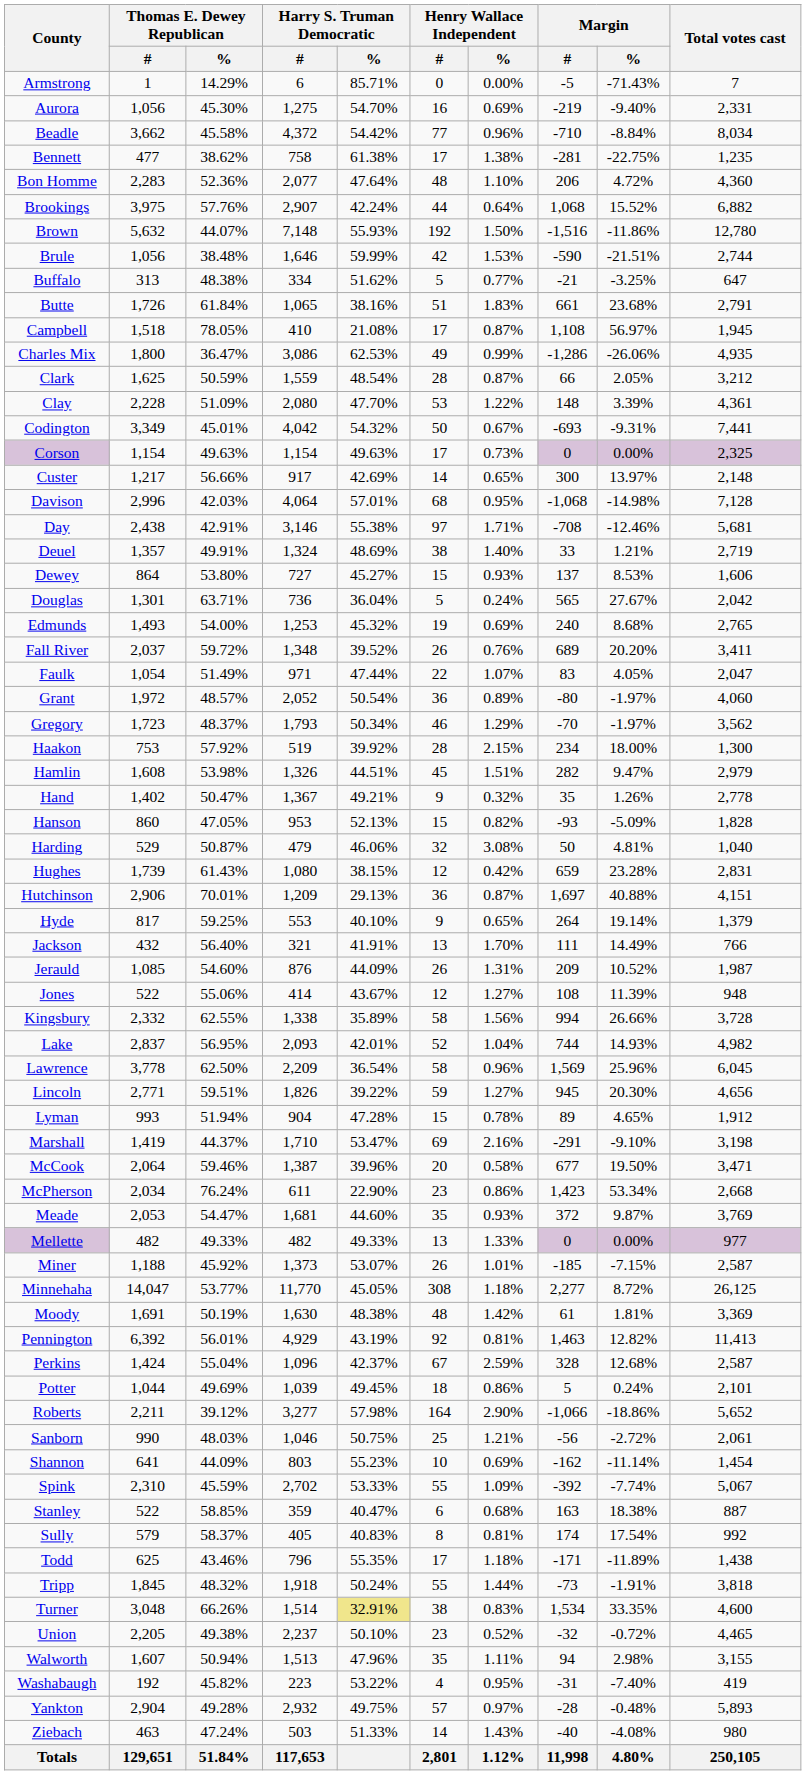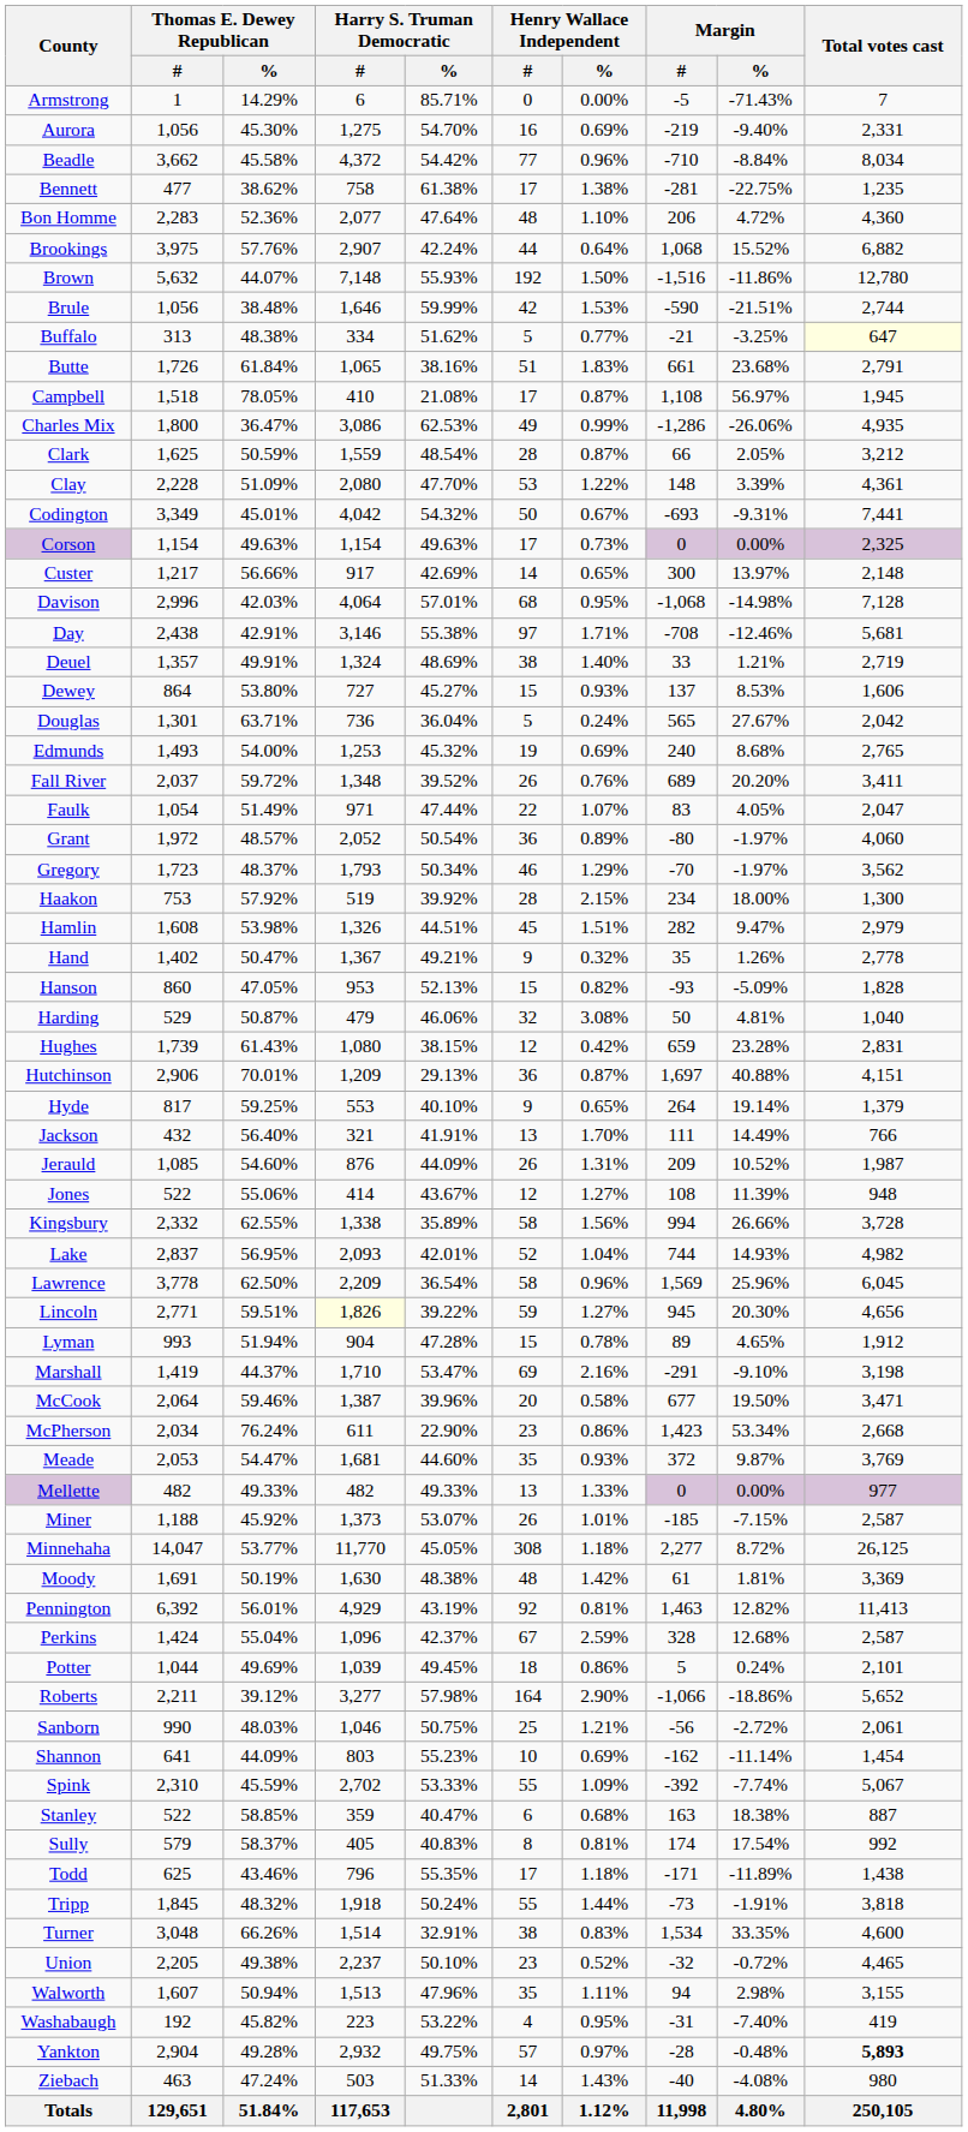 <table class="wikitable sortable" width="65%">
 <tr>
 <th rowspan="2">County</th>
 <th colspan="2">Thomas E. Dewey<br>Republican</th>
 <th colspan="2">Harry S. Truman<br>Democratic</th>
 <th colspan="2">Henry Wallace<br>Independent</th>
 <th colspan="2">Margin</th>
 <th rowspan="2">Total votes cast</th>
 </tr>
 <tr style="text-align:center;">
 <th data-sort-type="number">#</th>
 <th data-sort-type="number">%</th>
 <th data-sort-type="number">#</th>
 <th data-sort-type="number">%</th>
 <th data-sort-type="number">#</th>
 <th data-sort-type="number">%</th>
 <th data-sort-type="number">#</th>
 <th data-sort-type="number">%</th>
 </tr>
 <tr style="text-align:center;">
 <td><a href='#'>Armstrong</a></td>
 <td>1</td>
 <td>14.29%</td>
 <td>6</td>
 <td>85.71%</td>
 <td>0</td>
 <td>0.00%</td>
 <td>-5</td>
 <td>-71.43%</td>
 <td>7</td>
 </tr>
 <tr style="text-align:center;">
 <td><a href='#'>Aurora</a></td>
 <td>1,056</td>
 <td>45.30%</td>
 <td>1,275</td>
 <td>54.70%</td>
 <td>16</td>
 <td>0.69%</td>
 <td>-219</td>
 <td>-9.40%</td>
 <td>2,331</td>
 </tr>
 <tr style="text-align:center;">
 <td><a href='#'>Beadle</a></td>
 <td>3,662</td>
 <td>45.58%</td>
 <td>4,372</td>
 <td>54.42%</td>
 <td>77</td>
 <td>0.96%</td>
 <td>-710</td>
 <td>-8.84%</td>
 <td>8,034</td>
 </tr>
 <tr style="text-align:center;">
 <td><a href='#'>Bennett</a></td>
 <td>477</td>
 <td>38.62%</td>
 <td>758</td>
 <td>61.38%</td>
 <td>17</td>
 <td>1.38%</td>
 <td>-281</td>
 <td>-22.75%</td>
 <td>1,235</td>
 </tr>
 <tr style="text-align:center;">
 <td><a href='#'>Bon Homme</a></td>
 <td>2,283</td>
 <td>52.36%</td>
 <td>2,077</td>
 <td>47.64%</td>
 <td>48</td>
 <td>1.10%</td>
 <td>206</td>
 <td>4.72%</td>
 <td>4,360</td>
 </tr>
 <tr style="text-align:center;">
 <td><a href='#'>Brookings</a></td>
 <td>3,975</td>
 <td>57.76%</td>
 <td>2,907</td>
 <td>42.24%</td>
 <td>44</td>
 <td>0.64%</td>
 <td>1,068</td>
 <td>15.52%</td>
 <td>6,882</td>
 </tr>
 <tr style="text-align:center;">
 <td><a href='#'>Brown</a></td>
 <td>5,632</td>
 <td>44.07%</td>
 <td>7,148</td>
 <td>55.93%</td>
 <td>192</td>
 <td>1.50%</td>
 <td>-1,516</td>
 <td>-11.86%</td>
 <td>12,780</td>
 </tr>
 <tr style="text-align:center;">
 <td><a href='#'>Brule</a></td>
 <td>1,056</td>
 <td>38.48%</td>
 <td>1,646</td>
 <td>59.99%</td>
 <td>42</td>
 <td>1.53%</td>
 <td>-590</td>
 <td>-21.51%</td>
 <td>2,744</td>
 </tr>
 <tr style="text-align:center;">
 <td><a href='#'>Buffalo</a></td>
 <td>313</td>
 <td>48.38%</td>
 <td>334</td>
 <td>51.62%</td>
 <td>5</td>
 <td>0.77%</td>
 <td>-21</td>
 <td>-3.25%</td>
-<td>647</td>
+<td style="background: lightyellow;">647</td>
 </tr>
 <tr style="text-align:center;">
 <td><a href='#'>Butte</a></td>
 <td>1,726</td>
 <td>61.84%</td>
 <td>1,065</td>
 <td>38.16%</td>
 <td>51</td>
 <td>1.83%</td>
 <td>661</td>
 <td>23.68%</td>
 <td>2,791</td>
 </tr>
 <tr style="text-align:center;">
 <td><a href='#'>Campbell</a></td>
 <td>1,518</td>
 <td>78.05%</td>
 <td>410</td>
 <td>21.08%</td>
 <td>17</td>
 <td>0.87%</td>
 <td>1,108</td>
 <td>56.97%</td>
 <td>1,945</td>
 </tr>
 <tr style="text-align:center;">
 <td><a href='#'>Charles Mix</a></td>
 <td>1,800</td>
 <td>36.47%</td>
 <td>3,086</td>
 <td>62.53%</td>
 <td>49</td>
 <td>0.99%</td>
 <td>-1,286</td>
 <td>-26.06%</td>
 <td>4,935</td>
 </tr>
 <tr style="text-align:center;">
 <td><a href='#'>Clark</a></td>
 <td>1,625</td>
 <td>50.59%</td>
 <td>1,559</td>
 <td>48.54%</td>
 <td>28</td>
 <td>0.87%</td>
 <td>66</td>
 <td>2.05%</td>
 <td>3,212</td>
 </tr>
 <tr style="text-align:center;">
 <td><a href='#'>Clay</a></td>
 <td>2,228</td>
 <td>51.09%</td>
 <td>2,080</td>
 <td>47.70%</td>
 <td>53</td>
 <td>1.22%</td>
 <td>148</td>
 <td>3.39%</td>
 <td>4,361</td>
 </tr>
 <tr style="text-align:center;">
 <td><a href='#'>Codington</a></td>
 <td>3,349</td>
 <td>45.01%</td>
 <td>4,042</td>
 <td>54.32%</td>
 <td>50</td>
 <td>0.67%</td>
 <td>-693</td>
 <td>-9.31%</td>
 <td>7,441</td>
 </tr>
 <tr style="text-align:center;">
 <td style="background:#d8c2da;"><a href='#'>Corson</a></td>
 <td>1,154</td>
 <td>49.63%</td>
 <td>1,154</td>
 <td>49.63%</td>
 <td>17</td>
 <td>0.73%</td>
 <td style="background:#d8c2da;">0</td>
 <td style="background:#d8c2da;">0.00%</td>
 <td style="background:#d8c2da;">2,325</td>
 </tr>
 <tr style="text-align:center;">
 <td><a href='#'>Custer</a></td>
 <td>1,217</td>
 <td>56.66%</td>
 <td>917</td>
 <td>42.69%</td>
 <td>14</td>
 <td>0.65%</td>
 <td>300</td>
 <td>13.97%</td>
 <td>2,148</td>
 </tr>
 <tr style="text-align:center;">
 <td><a href='#'>Davison</a></td>
 <td>2,996</td>
 <td>42.03%</td>
 <td>4,064</td>
 <td>57.01%</td>
 <td>68</td>
 <td>0.95%</td>
 <td>-1,068</td>
 <td>-14.98%</td>
 <td>7,128</td>
 </tr>
 <tr style="text-align:center;">
 <td><a href='#'>Day</a></td>
 <td>2,438</td>
 <td>42.91%</td>
 <td>3,146</td>
 <td>55.38%</td>
 <td>97</td>
 <td>1.71%</td>
 <td>-708</td>
 <td>-12.46%</td>
 <td>5,681</td>
 </tr>
 <tr style="text-align:center;">
 <td><a href='#'>Deuel</a></td>
 <td>1,357</td>
 <td>49.91%</td>
 <td>1,324</td>
 <td>48.69%</td>
 <td>38</td>
 <td>1.40%</td>
 <td>33</td>
 <td>1.21%</td>
 <td>2,719</td>
 </tr>
 <tr style="text-align:center;">
 <td><a href='#'>Dewey</a></td>
 <td>864</td>
 <td>53.80%</td>
 <td>727</td>
 <td>45.27%</td>
 <td>15</td>
 <td>0.93%</td>
 <td>137</td>
 <td>8.53%</td>
 <td>1,606</td>
 </tr>
 <tr style="text-align:center;">
 <td><a href='#'>Douglas</a></td>
 <td>1,301</td>
 <td>63.71%</td>
 <td>736</td>
 <td>36.04%</td>
 <td>5</td>
 <td>0.24%</td>
 <td>565</td>
 <td>27.67%</td>
 <td>2,042</td>
 </tr>
 <tr style="text-align:center;">
 <td><a href='#'>Edmunds</a></td>
 <td>1,493</td>
 <td>54.00%</td>
 <td>1,253</td>
 <td>45.32%</td>
 <td>19</td>
 <td>0.69%</td>
 <td>240</td>
 <td>8.68%</td>
 <td>2,765</td>
 </tr>
 <tr style="text-align:center;">
 <td><a href='#'>Fall River</a></td>
 <td>2,037</td>
 <td>59.72%</td>
 <td>1,348</td>
 <td>39.52%</td>
 <td>26</td>
 <td>0.76%</td>
 <td>689</td>
 <td>20.20%</td>
 <td>3,411</td>
 </tr>
 <tr style="text-align:center;">
 <td><a href='#'>Faulk</a></td>
 <td>1,054</td>
 <td>51.49%</td>
 <td>971</td>
 <td>47.44%</td>
 <td>22</td>
 <td>1.07%</td>
 <td>83</td>
 <td>4.05%</td>
 <td>2,047</td>
 </tr>
 <tr style="text-align:center;">
 <td><a href='#'>Grant</a></td>
 <td>1,972</td>
 <td>48.57%</td>
 <td>2,052</td>
 <td>50.54%</td>
 <td>36</td>
 <td>0.89%</td>
 <td>-80</td>
 <td>-1.97%</td>
 <td>4,060</td>
 </tr>
 <tr style="text-align:center;">
 <td><a href='#'>Gregory</a></td>
 <td>1,723</td>
 <td>48.37%</td>
 <td>1,793</td>
 <td>50.34%</td>
 <td>46</td>
 <td>1.29%</td>
 <td>-70</td>
 <td>-1.97%</td>
 <td>3,562</td>
 </tr>
 <tr style="text-align:center;">
 <td><a href='#'>Haakon</a></td>
 <td>753</td>
 <td>57.92%</td>
 <td>519</td>
 <td>39.92%</td>
 <td>28</td>
 <td>2.15%</td>
 <td>234</td>
 <td>18.00%</td>
 <td>1,300</td>
 </tr>
 <tr style="text-align:center;">
 <td><a href='#'>Hamlin</a></td>
 <td>1,608</td>
 <td>53.98%</td>
 <td>1,326</td>
 <td>44.51%</td>
 <td>45</td>
 <td>1.51%</td>
 <td>282</td>
 <td>9.47%</td>
 <td>2,979</td>
 </tr>
 <tr style="text-align:center;">
 <td><a href='#'>Hand</a></td>
 <td>1,402</td>
 <td>50.47%</td>
 <td>1,367</td>
 <td>49.21%</td>
 <td>9</td>
 <td>0.32%</td>
 <td>35</td>
 <td>1.26%</td>
 <td>2,778</td>
 </tr>
 <tr style="text-align:center;">
 <td><a href='#'>Hanson</a></td>
 <td>860</td>
 <td>47.05%</td>
 <td>953</td>
 <td>52.13%</td>
 <td>15</td>
 <td>0.82%</td>
 <td>-93</td>
 <td>-5.09%</td>
 <td>1,828</td>
 </tr>
 <tr style="text-align:center;">
 <td><a href='#'>Harding</a></td>
 <td>529</td>
 <td>50.87%</td>
 <td>479</td>
 <td>46.06%</td>
 <td>32</td>
 <td>3.08%</td>
 <td>50</td>
 <td>4.81%</td>
 <td>1,040</td>
 </tr>
 <tr style="text-align:center;">
 <td><a href='#'>Hughes</a></td>
 <td>1,739</td>
 <td>61.43%</td>
 <td>1,080</td>
 <td>38.15%</td>
 <td>12</td>
 <td>0.42%</td>
 <td>659</td>
 <td>23.28%</td>
 <td>2,831</td>
 </tr>
 <tr style="text-align:center;">
 <td><a href='#'>Hutchinson</a></td>
 <td>2,906</td>
 <td>70.01%</td>
 <td>1,209</td>
 <td>29.13%</td>
 <td>36</td>
 <td>0.87%</td>
 <td>1,697</td>
 <td>40.88%</td>
 <td>4,151</td>
 </tr>
 <tr style="text-align:center;">
 <td><a href='#'>Hyde</a></td>
 <td>817</td>
 <td>59.25%</td>
 <td>553</td>
 <td>40.10%</td>
 <td>9</td>
 <td>0.65%</td>
 <td>264</td>
 <td>19.14%</td>
 <td>1,379</td>
 </tr>
 <tr style="text-align:center;">
 <td><a href='#'>Jackson</a></td>
 <td>432</td>
 <td>56.40%</td>
 <td>321</td>
 <td>41.91%</td>
 <td>13</td>
 <td>1.70%</td>
 <td>111</td>
 <td>14.49%</td>
 <td>766</td>
 </tr>
 <tr style="text-align:center;">
 <td><a href='#'>Jerauld</a></td>
 <td>1,085</td>
 <td>54.60%</td>
 <td>876</td>
 <td>44.09%</td>
 <td>26</td>
 <td>1.31%</td>
 <td>209</td>
 <td>10.52%</td>
 <td>1,987</td>
 </tr>
 <tr style="text-align:center;">
 <td><a href='#'>Jones</a></td>
 <td>522</td>
 <td>55.06%</td>
 <td>414</td>
 <td>43.67%</td>
 <td>12</td>
 <td>1.27%</td>
 <td>108</td>
 <td>11.39%</td>
 <td>948</td>
 </tr>
 <tr style="text-align:center;">
 <td><a href='#'>Kingsbury</a></td>
 <td>2,332</td>
 <td>62.55%</td>
 <td>1,338</td>
 <td>35.89%</td>
 <td>58</td>
 <td>1.56%</td>
 <td>994</td>
 <td>26.66%</td>
 <td>3,728</td>
 </tr>
 <tr style="text-align:center;">
 <td><a href='#'>Lake</a></td>
 <td>2,837</td>
 <td>56.95%</td>
 <td>2,093</td>
 <td>42.01%</td>
 <td>52</td>
 <td>1.04%</td>
 <td>744</td>
 <td>14.93%</td>
 <td>4,982</td>
 </tr>
 <tr style="text-align:center;">
 <td><a href='#'>Lawrence</a></td>
 <td>3,778</td>
 <td>62.50%</td>
 <td>2,209</td>
 <td>36.54%</td>
 <td>58</td>
 <td>0.96%</td>
 <td>1,569</td>
 <td>25.96%</td>
 <td>6,045</td>
 </tr>
 <tr style="text-align:center;">
 <td><a href='#'>Lincoln</a></td>
 <td>2,771</td>
 <td>59.51%</td>
-<td>1,826</td>
+<td style="background: lightyellow;">1,826</td>
 <td>39.22%</td>
 <td>59</td>
 <td>1.27%</td>
 <td>945</td>
 <td>20.30%</td>
 <td>4,656</td>
 </tr>
 <tr style="text-align:center;">
 <td><a href='#'>Lyman</a></td>
 <td>993</td>
 <td>51.94%</td>
 <td>904</td>
 <td>47.28%</td>
 <td>15</td>
 <td>0.78%</td>
 <td>89</td>
 <td>4.65%</td>
 <td>1,912</td>
 </tr>
 <tr style="text-align:center;">
 <td><a href='#'>Marshall</a></td>
 <td>1,419</td>
 <td>44.37%</td>
 <td>1,710</td>
 <td>53.47%</td>
 <td>69</td>
 <td>2.16%</td>
 <td>-291</td>
 <td>-9.10%</td>
 <td>3,198</td>
 </tr>
 <tr style="text-align:center;">
 <td><a href='#'>McCook</a></td>
 <td>2,064</td>
 <td>59.46%</td>
 <td>1,387</td>
 <td>39.96%</td>
 <td>20</td>
 <td>0.58%</td>
 <td>677</td>
 <td>19.50%</td>
 <td>3,471</td>
 </tr>
 <tr style="text-align:center;">
 <td><a href='#'>McPherson</a></td>
 <td>2,034</td>
 <td>76.24%</td>
 <td>611</td>
 <td>22.90%</td>
 <td>23</td>
 <td>0.86%</td>
 <td>1,423</td>
 <td>53.34%</td>
 <td>2,668</td>
 </tr>
 <tr style="text-align:center;">
 <td><a href='#'>Meade</a></td>
 <td>2,053</td>
 <td>54.47%</td>
 <td>1,681</td>
 <td>44.60%</td>
 <td>35</td>
 <td>0.93%</td>
 <td>372</td>
 <td>9.87%</td>
 <td>3,769</td>
 </tr>
 <tr style="text-align:center;">
 <td style="background:#d8c2da;"><a href='#'>Mellette</a></td>
 <td>482</td>
 <td>49.33%</td>
 <td>482</td>
 <td>49.33%</td>
 <td>13</td>
 <td>1.33%</td>
 <td style="background:#d8c2da;">0</td>
 <td style="background:#d8c2da;">0.00%</td>
 <td style="background:#d8c2da;">977</td>
 </tr>
 <tr style="text-align:center;">
 <td><a href='#'>Miner</a></td>
 <td>1,188</td>
 <td>45.92%</td>
 <td>1,373</td>
 <td>53.07%</td>
 <td>26</td>
 <td>1.01%</td>
 <td>-185</td>
 <td>-7.15%</td>
 <td>2,587</td>
 </tr>
 <tr style="text-align:center;">
 <td><a href='#'>Minnehaha</a></td>
 <td>14,047</td>
 <td>53.77%</td>
 <td>11,770</td>
 <td>45.05%</td>
 <td>308</td>
 <td>1.18%</td>
 <td>2,277</td>
 <td>8.72%</td>
 <td>26,125</td>
 </tr>
 <tr style="text-align:center;">
 <td><a href='#'>Moody</a></td>
 <td>1,691</td>
 <td>50.19%</td>
 <td>1,630</td>
 <td>48.38%</td>
 <td>48</td>
 <td>1.42%</td>
 <td>61</td>
 <td>1.81%</td>
 <td>3,369</td>
 </tr>
 <tr style="text-align:center;">
 <td><a href='#'>Pennington</a></td>
 <td>6,392</td>
 <td>56.01%</td>
 <td>4,929</td>
 <td>43.19%</td>
 <td>92</td>
 <td>0.81%</td>
 <td>1,463</td>
 <td>12.82%</td>
 <td>11,413</td>
 </tr>
 <tr style="text-align:center;">
 <td><a href='#'>Perkins</a></td>
 <td>1,424</td>
 <td>55.04%</td>
 <td>1,096</td>
 <td>42.37%</td>
 <td>67</td>
 <td>2.59%</td>
 <td>328</td>
 <td>12.68%</td>
 <td>2,587</td>
 </tr>
 <tr style="text-align:center;">
 <td><a href='#'>Potter</a></td>
 <td>1,044</td>
 <td>49.69%</td>
 <td>1,039</td>
 <td>49.45%</td>
 <td>18</td>
 <td>0.86%</td>
 <td>5</td>
 <td>0.24%</td>
 <td>2,101</td>
 </tr>
 <tr style="text-align:center;">
 <td><a href='#'>Roberts</a></td>
 <td>2,211</td>
 <td>39.12%</td>
 <td>3,277</td>
 <td>57.98%</td>
 <td>164</td>
 <td>2.90%</td>
 <td>-1,066</td>
 <td>-18.86%</td>
 <td>5,652</td>
 </tr>
 <tr style="text-align:center;">
 <td><a href='#'>Sanborn</a></td>
 <td>990</td>
 <td>48.03%</td>
 <td>1,046</td>
 <td>50.75%</td>
 <td>25</td>
 <td>1.21%</td>
 <td>-56</td>
 <td>-2.72%</td>
 <td>2,061</td>
 </tr>
 <tr style="text-align:center;">
 <td><a href='#'>Shannon</a></td>
 <td>641</td>
 <td>44.09%</td>
 <td>803</td>
 <td>55.23%</td>
 <td>10</td>
 <td>0.69%</td>
 <td>-162</td>
 <td>-11.14%</td>
 <td>1,454</td>
 </tr>
 <tr style="text-align:center;">
 <td><a href='#'>Spink</a></td>
 <td>2,310</td>
 <td>45.59%</td>
 <td>2,702</td>
 <td>53.33%</td>
 <td>55</td>
 <td>1.09%</td>
 <td>-392</td>
 <td>-7.74%</td>
 <td>5,067</td>
 </tr>
 <tr style="text-align:center;">
 <td><a href='#'>Stanley</a></td>
 <td>522</td>
 <td>58.85%</td>
 <td>359</td>
 <td>40.47%</td>
 <td>6</td>
 <td>0.68%</td>
 <td>163</td>
 <td>18.38%</td>
 <td>887</td>
 </tr>
 <tr style="text-align:center;">
 <td><a href='#'>Sully</a></td>
 <td>579</td>
 <td>58.37%</td>
 <td>405</td>
 <td>40.83%</td>
 <td>8</td>
 <td>0.81%</td>
 <td>174</td>
 <td>17.54%</td>
 <td>992</td>
 </tr>
 <tr style="text-align:center;">
 <td><a href='#'>Todd</a></td>
 <td>625</td>
 <td>43.46%</td>
 <td>796</td>
 <td>55.35%</td>
 <td>17</td>
 <td>1.18%</td>
 <td>-171</td>
 <td>-11.89%</td>
 <td>1,438</td>
 </tr>
 <tr style="text-align:center;">
 <td><a href='#'>Tripp</a></td>
 <td>1,845</td>
 <td>48.32%</td>
 <td>1,918</td>
 <td>50.24%</td>
 <td>55</td>
 <td>1.44%</td>
 <td>-73</td>
 <td>-1.91%</td>
 <td>3,818</td>
 </tr>
 <tr style="text-align:center;">
 <td><a href='#'>Turner</a></td>
 <td>3,048</td>
 <td>66.26%</td>
 <td>1,514</td>
-<td style="background: khaki;">32.91%</td>
+<td>32.91%</td>
 <td>38</td>
 <td>0.83%</td>
 <td>1,534</td>
 <td>33.35%</td>
 <td>4,600</td>
 </tr>
 <tr style="text-align:center;">
 <td><a href='#'>Union</a></td>
 <td>2,205</td>
 <td>49.38%</td>
 <td>2,237</td>
 <td>50.10%</td>
 <td>23</td>
 <td>0.52%</td>
 <td>-32</td>
 <td>-0.72%</td>
 <td>4,465</td>
 </tr>
 <tr style="text-align:center;">
 <td><a href='#'>Walworth</a></td>
 <td>1,607</td>
 <td>50.94%</td>
 <td>1,513</td>
 <td>47.96%</td>
 <td>35</td>
 <td>1.11%</td>
 <td>94</td>
 <td>2.98%</td>
 <td>3,155</td>
 </tr>
 <tr style="text-align:center;">
 <td><a href='#'>Washabaugh</a></td>
 <td>192</td>
 <td>45.82%</td>
 <td>223</td>
 <td>53.22%</td>
 <td>4</td>
 <td>0.95%</td>
 <td>-31</td>
 <td>-7.40%</td>
 <td>419</td>
 </tr>
 <tr style="text-align:center;">
 <td><a href='#'>Yankton</a></td>
 <td>2,904</td>
 <td>49.28%</td>
 <td>2,932</td>
 <td>49.75%</td>
 <td>57</td>
 <td>0.97%</td>
 <td>-28</td>
 <td>-0.48%</td>
-<td>5,893</td>
+<td><strong>5,893</strong></td>
 </tr>
 <tr style="text-align:center;">
 <td><a href='#'>Ziebach</a></td>
 <td>463</td>
 <td>47.24%</td>
 <td>503</td>
 <td>51.33%</td>
 <td>14</td>
 <td>1.43%</td>
 <td>-40</td>
 <td>-4.08%</td>
 <td>980</td>
 </tr>
 <tr style="text-align:center;">
 <th>Totals</th>
 <th>129,651</th>
 <th>51.84%</th>
 <th>117,653</th>
 <th 47.04%></th>
 <th>2,801</th>
 <th>1.12%</th>
 <th>11,998</th>
 <th>4.80%</th>
 <th>250,105</th>
 </tr>
 </table>
